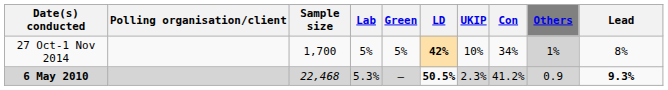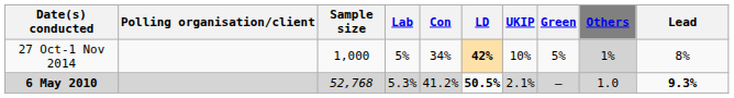 <table class="wikitable sortable" style="text-align:center;font-size:90%;line-height:14px">
 <tr>
 <th ! style="width:105px;">Date(s)<br>conducted</th>
 <th style="width:190px;">Polling organisation/client</th>
 <th class="unsortable" style="width:60px;">Sample size</th>
 <th class="unsortable" style="background:"><a href='#'><span>Lab</span></a></th>
-<th class="unsortable" style="background:"><a href='#'><span>Green</span></a></th>
+<th class="unsortable" style="background:"><a href='#'><span>Con</span></a></th>
 <th class="unsortable" style="background:"><a href='#'><span>LD</span></a></th>
 <th class="unsortable" style="background:"><a href='#'><span>UKIP</span></a></th>
-<th class="unsortable" style="background:"><a href='#'><span>Con</span></a></th>
+<th class="unsortable" style="background:"><a href='#'><span>Green</span></a></th>
 <th class="unsortable" style="background:gray; width:50px;"><a href='#'><span>Others</span></a></th>
 <th class="unsortable" style="width:85px;">Lead</th>
 </tr>
 <tr>
 <td>27 Oct-1 Nov 2014</td>
 <td></td>
-<td>1,700</td>
+<td>1,000</td>
 <td>5%</td>
-<td>5%</td>
+<td>34%</td>
 <td style="background:#FEE1A8"><strong>42%</strong></td>
 <td>10%</td>
-<td>34%</td>
+<td>5%</td>
 <td style="background: lightgrey;">1%</td>
 <td style="background:">8%</td>
 </tr>
 <tr>
 <td style="background:#D5D5D5"><strong>6 May 2010</strong></td>
 <td style="background:#D5D5D5"></td>
-<td style="background:#D5D5D5"><em>22,468</em></td>
+<td style="background:#D5D5D5"><em>52,768</em></td>
 <td style="background:#D5D5D5">5.3%</td>
+<td style="background:#D5D5D5">41.2%</td>
+<td style="background:"><strong>50.5%</strong></td>
+<td style="background:#D5D5D5">2.1%</td>
 <td style="background:#D5D5D5">–</td>
-<td style="background:"><strong>50.5%</strong></td>
-<td style="background:#D5D5D5">2.3%</td>
-<td style="background:#D5D5D5">41.2%</td>
-<td style="background:#D5D5D5">0.9</td>
+<td style="background:#D5D5D5">1.0</td>
 <td style="background:"><strong>9.3% </strong></td>
 </tr>
 </table>
